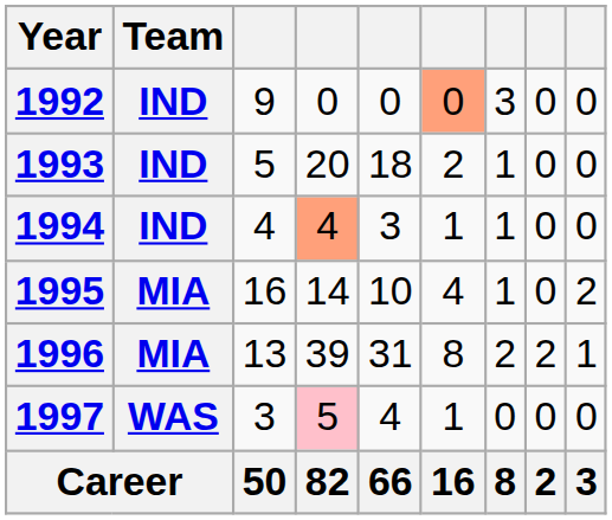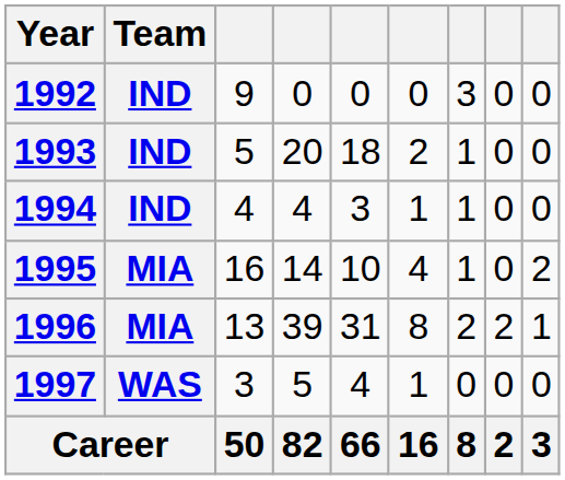 <table class="wikitable sortable;" style="text-align: center;">
 <tr>
 <th>Year</th>
 <th>Team</th>
 <th></th>
 <th></th>
 <th></th>
 <th></th>
 <th></th>
 <th></th>
 <th></th>
 </tr>
 <tr>
 <th><a href='#'>1992</a></th>
 <th><a href='#'>IND</a></th>
 <td>9</td>
 <td>0</td>
 <td>0</td>
-<td style="background: lightsalmon;">0</td>
+<td>0</td>
 <td>3</td>
 <td>0</td>
 <td>0</td>
 </tr>
 <tr>
 <th><a href='#'>1993</a></th>
 <th><a href='#'>IND</a></th>
 <td>5</td>
 <td>20</td>
 <td>18</td>
 <td>2</td>
 <td>1</td>
 <td>0</td>
 <td>0</td>
 </tr>
 <tr>
 <th><a href='#'>1994</a></th>
 <th><a href='#'>IND</a></th>
 <td>4</td>
-<td style="background: lightsalmon;">4</td>
+<td>4</td>
 <td>3</td>
 <td>1</td>
 <td>1</td>
 <td>0</td>
 <td>0</td>
 </tr>
 <tr>
 <th><a href='#'>1995</a></th>
 <th><a href='#'>MIA</a></th>
 <td>16</td>
 <td>14</td>
 <td>10</td>
 <td>4</td>
 <td>1</td>
 <td>0</td>
 <td>2</td>
 </tr>
 <tr>
 <th><a href='#'>1996</a></th>
 <th><a href='#'>MIA</a></th>
 <td>13</td>
 <td>39</td>
 <td>31</td>
 <td>8</td>
 <td>2</td>
 <td>2</td>
 <td>1</td>
 </tr>
 <tr>
 <th><a href='#'>1997</a></th>
 <th><a href='#'>WAS</a></th>
 <td>3</td>
-<td style="background: pink;">5</td>
+<td>5</td>
 <td>4</td>
 <td>1</td>
 <td>0</td>
 <td>0</td>
 <td>0</td>
 </tr>
 <tr>
 <th colspan="2">Career</th>
 <th>50</th>
 <th>82</th>
 <th>66</th>
 <th>16</th>
 <th>8</th>
 <th>2</th>
 <th>3</th>
 </tr>
 </table>
